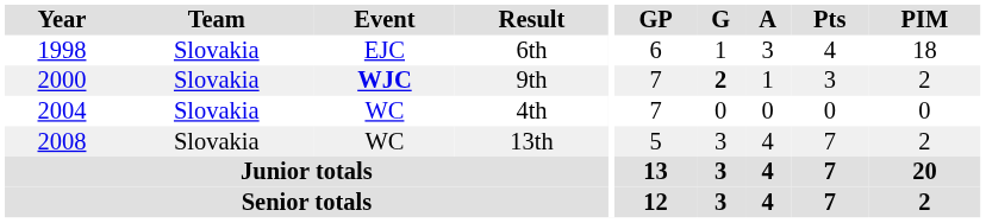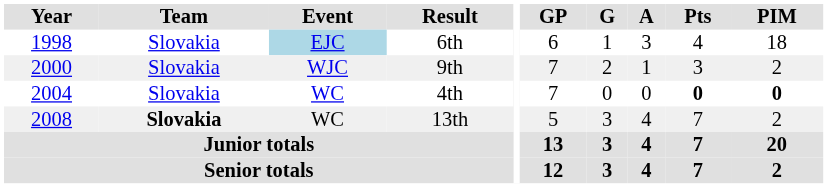 <table border="0" cellpadding="1" cellspacing="0" ID="Table3" style="text-align:center; width:40em">
 <tr ALIGN="center" bgcolor="#e0e0e0">
 <th>Year</th>
 <th>Team</th>
 <th>Event</th>
 <th>Result</th>
 <th rowspan="99" bgcolor="#ffffff"></th>
 <th>GP</th>
 <th>G</th>
 <th>A</th>
 <th>Pts</th>
 <th>PIM</th>
 </tr>
 <tr>
 <td><a href='#'>1998</a></td>
 <td><a href='#'>Slovakia</a></td>
-<td><a href='#'>EJC</a></td>
+<td style="background: lightblue;"><a href='#'>EJC</a></td>
 <td>6th</td>
 <td>6</td>
 <td>1</td>
 <td>3</td>
 <td>4</td>
 <td>18</td>
 </tr>
 <tr bgcolor="#f0f0f0">
 <td><a href='#'>2000</a></td>
 <td><a href='#'>Slovakia</a></td>
-<td><strong><a href='#'>WJC</a></strong></td>
+<td><a href='#'>WJC</a></td>
 <td>9th</td>
 <td>7</td>
-<td><strong>2</strong></td>
+<td>2</td>
 <td>1</td>
 <td>3</td>
 <td>2</td>
 </tr>
 <tr>
 <td><a href='#'>2004</a></td>
 <td><a href='#'>Slovakia</a></td>
 <td><a href='#'>WC</a></td>
 <td>4th</td>
 <td>7</td>
 <td>0</td>
 <td>0</td>
-<td>0</td>
-<td>0</td>
+<td><strong>0</strong></td>
+<td><strong>0</strong></td>
 </tr>
 <tr bgcolor="#f0f0f0">
 <td><a href='#'>2008</a></td>
-<td>Slovakia</td>
+<td><strong>Slovakia</strong></td>
 <td>WC</td>
 <td>13th</td>
 <td>5</td>
 <td>3</td>
 <td>4</td>
 <td>7</td>
 <td>2</td>
 </tr>
 <tr bgcolor="#e0e0e0">
 <th colspan="4">Junior totals</th>
 <th>13</th>
 <th>3</th>
 <th>4</th>
 <th>7</th>
 <th>20</th>
 </tr>
 <tr bgcolor="#e0e0e0">
 <th colspan="4">Senior totals</th>
 <th>12</th>
 <th>3</th>
 <th>4</th>
 <th>7</th>
 <th>2</th>
 </tr>
 </table>
